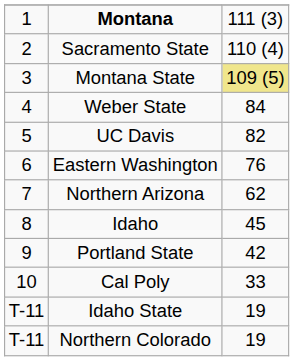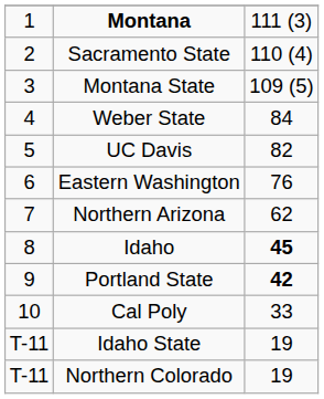 <table class="wikitable" style="display: inline-table;">
 <tr align="center">
 </tr>
 <tr align="center">
 <td>1</td>
 <td><strong>Montana</strong></td>
 <td>111 (3)</td>
 </tr>
 <tr align="center">
 <td>2</td>
 <td>Sacramento State</td>
 <td>110 (4)</td>
 </tr>
 <tr align="center">
 <td>3</td>
 <td>Montana State</td>
-<td style="background: khaki;">109 (5)</td>
+<td>109 (5)</td>
 </tr>
 <tr align="center">
 <td>4</td>
 <td>Weber State</td>
 <td>84</td>
 </tr>
 <tr align="center">
 <td>5</td>
 <td>UC Davis</td>
 <td>82</td>
 </tr>
 <tr align="center">
 <td>6</td>
 <td>Eastern Washington</td>
 <td>76</td>
 </tr>
 <tr align="center">
 <td>7</td>
 <td>Northern Arizona</td>
 <td>62</td>
 </tr>
 <tr align="center">
 <td>8</td>
 <td>Idaho</td>
-<td>45</td>
+<td><strong>45</strong></td>
 </tr>
 <tr align="center">
 <td>9</td>
 <td>Portland State</td>
-<td>42</td>
+<td><strong>42</strong></td>
 </tr>
 <tr align="center">
 <td>10</td>
 <td>Cal Poly</td>
 <td>33</td>
 </tr>
 <tr align="center">
 <td>T-11</td>
 <td>Idaho State</td>
 <td>19</td>
 </tr>
 <tr align="center">
 <td>T-11</td>
 <td>Northern Colorado</td>
 <td>19</td>
 </tr>
 </table>
